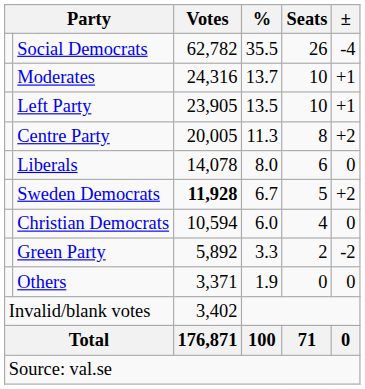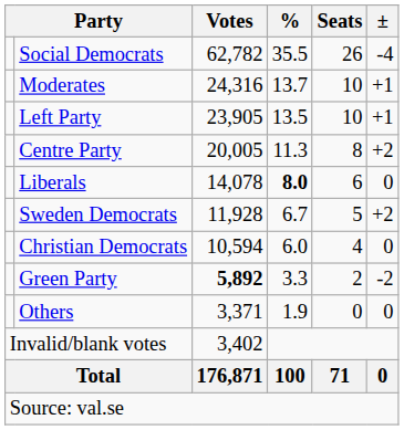 <table class=wikitable style=text-align:right>
 <tr>
 <th colspan=2>Party</th>
 <th>Votes</th>
 <th>%</th>
 <th>Seats</th>
 <th>±</th>
 </tr>
 <tr>
 <td bgcolor=></td>
 <td align=left><a href='#'>Social Democrats</a></td>
 <td>62,782</td>
 <td>35.5</td>
 <td>26</td>
 <td>-4</td>
 </tr>
 <tr>
 <td bgcolor=></td>
 <td align=left><a href='#'>Moderates</a></td>
 <td>24,316</td>
 <td>13.7</td>
 <td>10</td>
 <td>+1</td>
 </tr>
 <tr>
 <td bgcolor=></td>
 <td align=left><a href='#'>Left Party</a></td>
 <td>23,905</td>
 <td>13.5</td>
 <td>10</td>
 <td>+1</td>
 </tr>
 <tr>
 <td bgcolor=></td>
 <td align=left><a href='#'>Centre Party</a></td>
 <td>20,005</td>
 <td>11.3</td>
 <td>8</td>
 <td>+2</td>
 </tr>
 <tr>
 <td bgcolor=></td>
 <td align=left><a href='#'>Liberals</a></td>
 <td>14,078</td>
-<td>8.0</td>
+<td><strong>8.0</strong></td>
 <td>6</td>
 <td>0</td>
 </tr>
 <tr>
 <td bgcolor=></td>
 <td align=left><a href='#'>Sweden Democrats</a></td>
-<td><strong>11,928</strong></td>
+<td>11,928</td>
 <td>6.7</td>
 <td>5</td>
 <td>+2</td>
 </tr>
 <tr>
 <td bgcolor=></td>
 <td align=left><a href='#'>Christian Democrats</a></td>
 <td>10,594</td>
 <td>6.0</td>
 <td>4</td>
 <td>0</td>
 </tr>
 <tr>
 <td bgcolor=></td>
 <td align=left><a href='#'>Green Party</a></td>
-<td>5,892</td>
+<td><strong>5,892</strong></td>
 <td>3.3</td>
 <td>2</td>
 <td>-2</td>
 </tr>
 <tr>
 <td></td>
 <td align=left><a href='#'>Others</a></td>
 <td>3,371</td>
 <td>1.9</td>
 <td>0</td>
 <td>0</td>
 </tr>
 <tr>
 <td align=left colspan=2>Invalid/blank votes</td>
 <td>3,402</td>
 <td colspan=3></td>
 </tr>
 <tr>
 <th align=left colspan=2>Total</th>
 <th>176,871</th>
 <th>100</th>
 <th>71</th>
 <th>0</th>
 </tr>
 <tr>
 <td align=left colspan=6>Source: val.se </td>
 </tr>
 </table>
